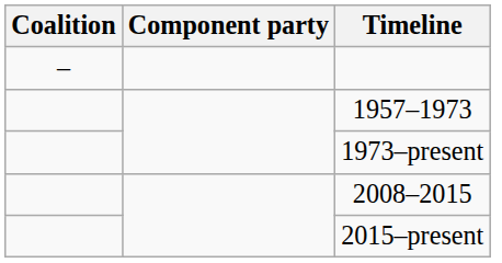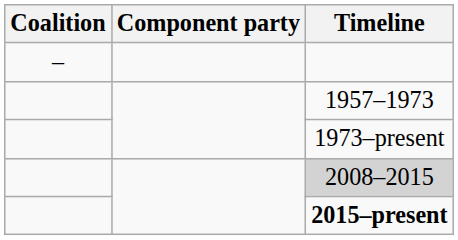 <table class="wikitable">
 <tr>
 <th>Coalition</th>
 <th>Component party</th>
 <th>Timeline</th>
 </tr>
 <tr>
 <td align=center>–</td>
 <td></td>
 <td></td>
 </tr>
 <tr>
 <td></td>
 <td rowspan=2></td>
 <td align=center>1957–1973</td>
 </tr>
 <tr>
 <td></td>
 <td align=center>1973–present</td>
 </tr>
 <tr>
 <td></td>
 <td rowspan=2></td>
-<td align=center>2008–2015</td>
+<td align=center style="background: lightgrey;">2008–2015</td>
 </tr>
 <tr>
 <td></td>
-<td align=center>2015–present</td>
+<td align=center><strong>2015–present</strong></td>
 </tr>
 </table>
